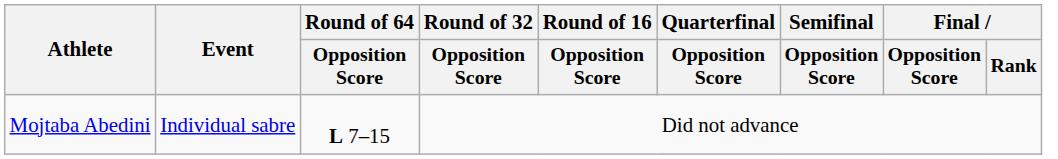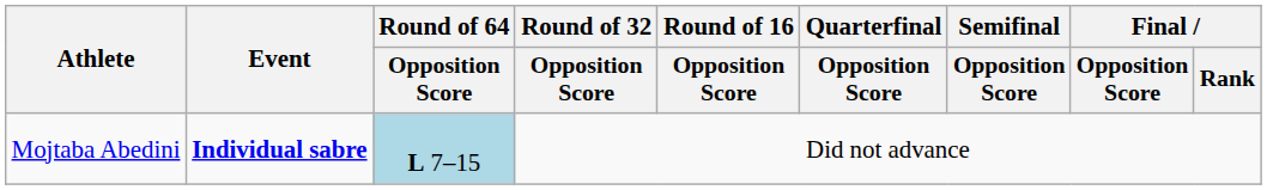 <table class="wikitable" style="font-size: 90%">
 <tr>
 <th rowspan=2>Athlete</th>
 <th rowspan=2>Event</th>
 <th>Round of 64</th>
 <th>Round of 32</th>
 <th>Round of 16</th>
 <th>Quarterfinal</th>
 <th>Semifinal</th>
 <th colspan=2>Final / </th>
 </tr>
 <tr style="font-size:95%">
 <th>Opposition <br> Score</th>
 <th>Opposition <br> Score</th>
 <th>Opposition <br> Score</th>
 <th>Opposition <br> Score</th>
 <th>Opposition <br> Score</th>
 <th>Opposition <br> Score</th>
 <th>Rank</th>
 </tr>
 <tr align=center>
 <td align=left><a href='#'>Mojtaba Abedini</a></td>
-<td align=left><a href='#'>Individual sabre</a></td>
-<td><br><strong>L</strong> 7–15</td>
+<td align=left><strong><a href='#'>Individual sabre</a></strong></td>
+<td style="background: lightblue;"><br><strong>L</strong> 7–15</td>
 <td colspan=6>Did not advance</td>
 </tr>
 </table>
